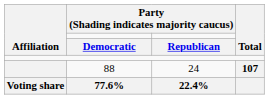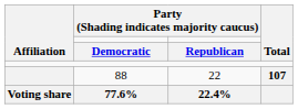 <table class=wikitable style="text-align:center">
 <tr style="vertical-align:bottom;">
 <th rowspan=3>Affiliation</th>
 <th colspan=2>Party <div>(Shading indicates majority caucus)</div></th>
 <th rowspan=3>Total</th>
 </tr>
 <tr style="height:5px">
 <td style="background-color:"></td>
 <td style="background-color:"></td>
 </tr>
 <tr>
 <th><a href='#'>Democratic</a></th>
 <th><a href='#'>Republican</a></th>
 </tr>
 <tr>
 <td colspan=5></td>
 </tr>
 <tr>
 <th nowrap style="font-size:80%"></th>
 <td>88</td>
-<td>24</td>
+<td>22</td>
 <th>107</th>
 </tr>
 <tr>
 <th>Voting share</th>
 <th>77.6%</th>
 <th>22.4%</th>
 <th colspan=2></th>
 </tr>
 </table>
